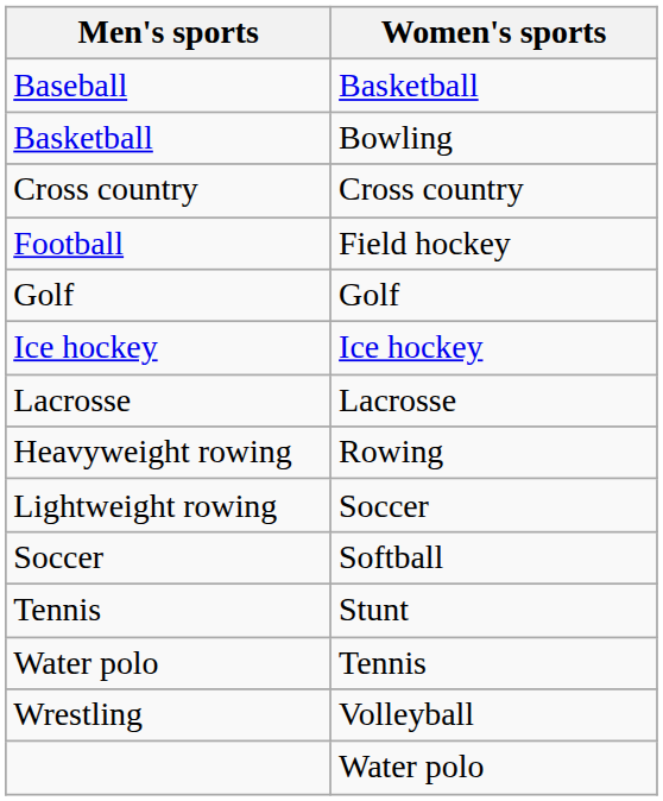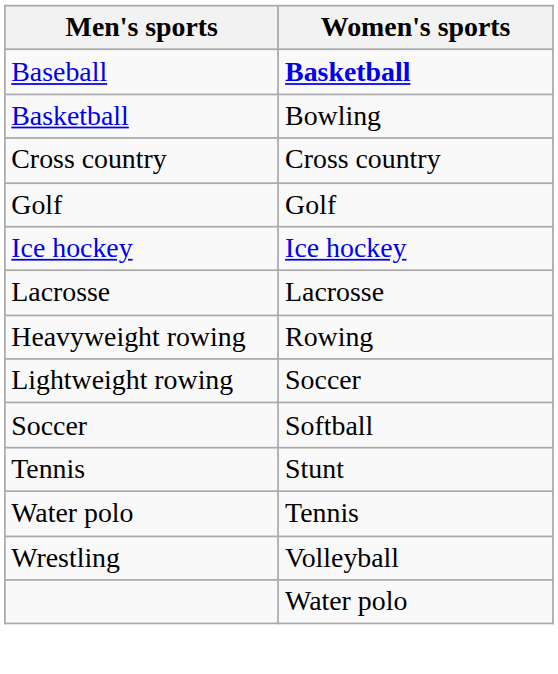 <table class="wikitable" style="float:left">
 <tr>
 <th width=150px>Men's sports</th>
 <th width=150px>Women's sports</th>
 </tr>
 <tr>
 <td><a href='#'>Baseball</a></td>
-<td><a href='#'>Basketball</a></td>
+<td><strong><a href='#'>Basketball</a></strong></td>
 </tr>
 <tr>
 <td><a href='#'>Basketball</a></td>
 <td>Bowling</td>
 </tr>
 <tr>
 <td>Cross country</td>
 <td>Cross country</td>
-</tr>
-<tr>
-<td><a href='#'>Football</a></td>
-<td>Field hockey</td>
 </tr>
 <tr>
 <td>Golf</td>
 <td>Golf</td>
 </tr>
 <tr>
 <td><a href='#'>Ice hockey</a></td>
 <td><a href='#'>Ice hockey</a></td>
 </tr>
 <tr>
 <td>Lacrosse</td>
 <td>Lacrosse</td>
 </tr>
 <tr>
 <td>Heavyweight rowing</td>
 <td>Rowing</td>
 </tr>
 <tr>
 <td>Lightweight rowing</td>
 <td>Soccer</td>
 </tr>
 <tr>
 <td>Soccer</td>
 <td>Softball</td>
 </tr>
 <tr>
 <td>Tennis</td>
 <td>Stunt</td>
 </tr>
 <tr>
 <td>Water polo</td>
 <td>Tennis</td>
 </tr>
 <tr>
 <td>Wrestling</td>
 <td>Volleyball</td>
 </tr>
 <tr>
 <td></td>
 <td>Water polo</td>
 </tr>
 </table>
